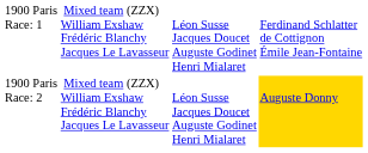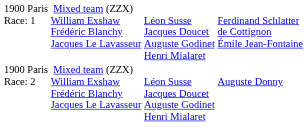 <table>
 <tr valign="top">
 <td style="align:center;">1900 Paris <br>Race: 1<br></td>
 <td style="vertical-align:top;"> <a href='#'>Mixed team</a> <span>(ZZX)</span><br><a href='#'>William Exshaw</a><br><a href='#'>Frédéric Blanchy</a><br><a href='#'>Jacques Le Lavasseur</a></td>
 <td style="vertical-align:top;"><br><a href='#'>Léon Susse</a><br><a href='#'>Jacques Doucet</a><br><a href='#'>Auguste Godinet</a><br><a href='#'>Henri Mialaret</a></td>
 <td style="vertical-align:top;"><br><a href='#'>Ferdinand Schlatter</a><br><a href='#'>de Cottignon</a><br><a href='#'>Émile Jean-Fontaine</a></td>
 </tr>
 <tr valign="top">
 <td style="align:center;">1900 Paris <br>Race: 2<br></td>
 <td style="vertical-align:top;"> <a href='#'>Mixed team</a> <span>(ZZX)</span><br><a href='#'>William Exshaw</a><br><a href='#'>Frédéric Blanchy</a><br><a href='#'>Jacques Le Lavasseur</a></td>
 <td style="vertical-align:top;"><br><a href='#'>Léon Susse</a><br><a href='#'>Jacques Doucet</a><br><a href='#'>Auguste Godinet</a><br><a href='#'>Henri Mialaret</a></td>
-<td style="background: gold; vertical-align:top;"><br><a href='#'>Auguste Donny</a></td>
+<td style="vertical-align:top;"><br><a href='#'>Auguste Donny</a></td>
 </tr>
 </table>
